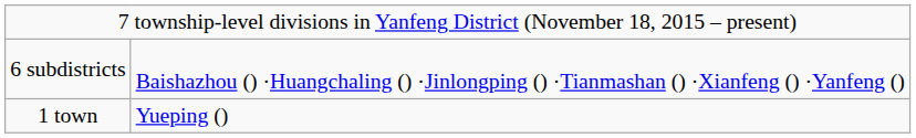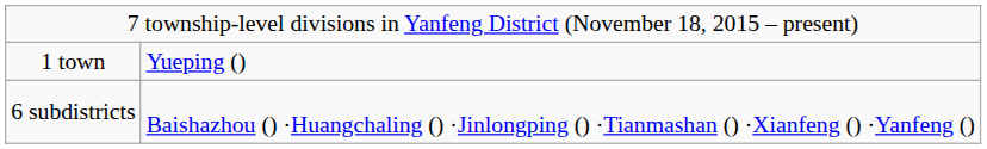 <table class="wikitable">
 <tr>
 <td style="text-align:center;" colspan="2">7 township-level divisions in <a href='#'>Yanfeng District</a> (November 18, 2015 – present)</td>
 </tr>
 <tr align=left>
+<td align=center>1 town</td>
+<td><a href='#'>Yueping</a> ()</td>
+</tr>
+<tr align=left>
 <td align=center>6 subdistricts</td>
 <td><br><a href='#'>Baishazhou</a> () ·<a href='#'>Huangchaling</a> () ·<a href='#'>Jinlongping</a> () ·<a href='#'>Tianmashan</a> () ·<a href='#'>Xianfeng</a> () ·<a href='#'>Yanfeng</a> ()</td>
 </tr>
-<tr align=left>
-<td align=center>1 town</td>
-<td><a href='#'>Yueping</a> ()</td>
-</tr>
 </table>
